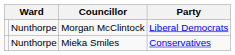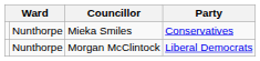 <table class="wikitable">
 <tr>
 <th colspan="2">Ward</th>
 <th>Councillor</th>
 <th>Party</th>
 </tr>
 <tr>
 <td style="background-color: "></td>
 <td>Nunthorpe</td>
-<td>Morgan McClintock</td>
-<td><a href='#'>Liberal Democrats</a></td>
+<td>Mieka Smiles</td>
+<td><a href='#'>Conservatives</a></td>
 </tr>
 <tr>
 <td style="background-color: "></td>
 <td>Nunthorpe</td>
-<td>Mieka Smiles</td>
-<td><a href='#'>Conservatives</a></td>
+<td>Morgan McClintock</td>
+<td><a href='#'>Liberal Democrats</a></td>
 </tr>
 </table>
